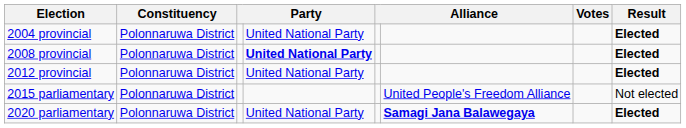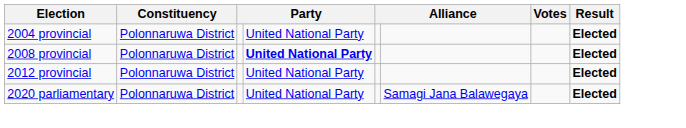 <table class="wikitable" style="text-align:left;">
 <tr>
 <th scope=col>Election</th>
 <th scope=col>Constituency</th>
 <th scope=col colspan="2">Party</th>
 <th scope=col colspan="2">Alliance</th>
 <th scope=col>Votes</th>
 <th scope=col>Result</th>
 </tr>
 <tr>
 <td><a href='#'>2004 provincial</a></td>
 <td><a href='#'>Polonnaruwa District</a></td>
 <td style="background:"></td>
 <td><a href='#'>United National Party</a></td>
 <td></td>
 <td></td>
 <td align=right></td>
 <td><strong>Elected</strong></td>
 </tr>
 <tr>
 <td><a href='#'>2008 provincial</a></td>
 <td><a href='#'>Polonnaruwa District</a></td>
 <td style="background:"></td>
 <td><strong><a href='#'>United National Party</a></strong></td>
 <td></td>
 <td></td>
 <td align=right></td>
 <td><strong>Elected</strong></td>
 </tr>
 <tr>
 <td><a href='#'>2012 provincial</a></td>
 <td><a href='#'>Polonnaruwa District</a></td>
 <td style="background:"></td>
 <td><a href='#'>United National Party</a></td>
 <td></td>
 <td></td>
 <td align=right></td>
 <td><strong>Elected</strong></td>
 </tr>
 <tr>
-<td><a href='#'>2015 parliamentary</a></td>
-<td><a href='#'>Polonnaruwa District</a></td>
-<td></td>
-<td></td>
-<td style="background:"></td>
-<td><a href='#'>United People's Freedom Alliance</a></td>
-<td align=right></td>
-<td>Not elected</td>
-</tr>
-<tr>
 <td><a href='#'>2020 parliamentary</a></td>
 <td><a href='#'>Polonnaruwa District</a></td>
 <td style="background:"></td>
 <td><a href='#'>United National Party</a></td>
 <td style="background:"></td>
-<td><strong><a href='#'>Samagi Jana Balawegaya</a></strong></td>
+<td><a href='#'>Samagi Jana Balawegaya</a></td>
 <td align=right></td>
 <td><strong>Elected</strong></td>
 </tr>
 </table>
